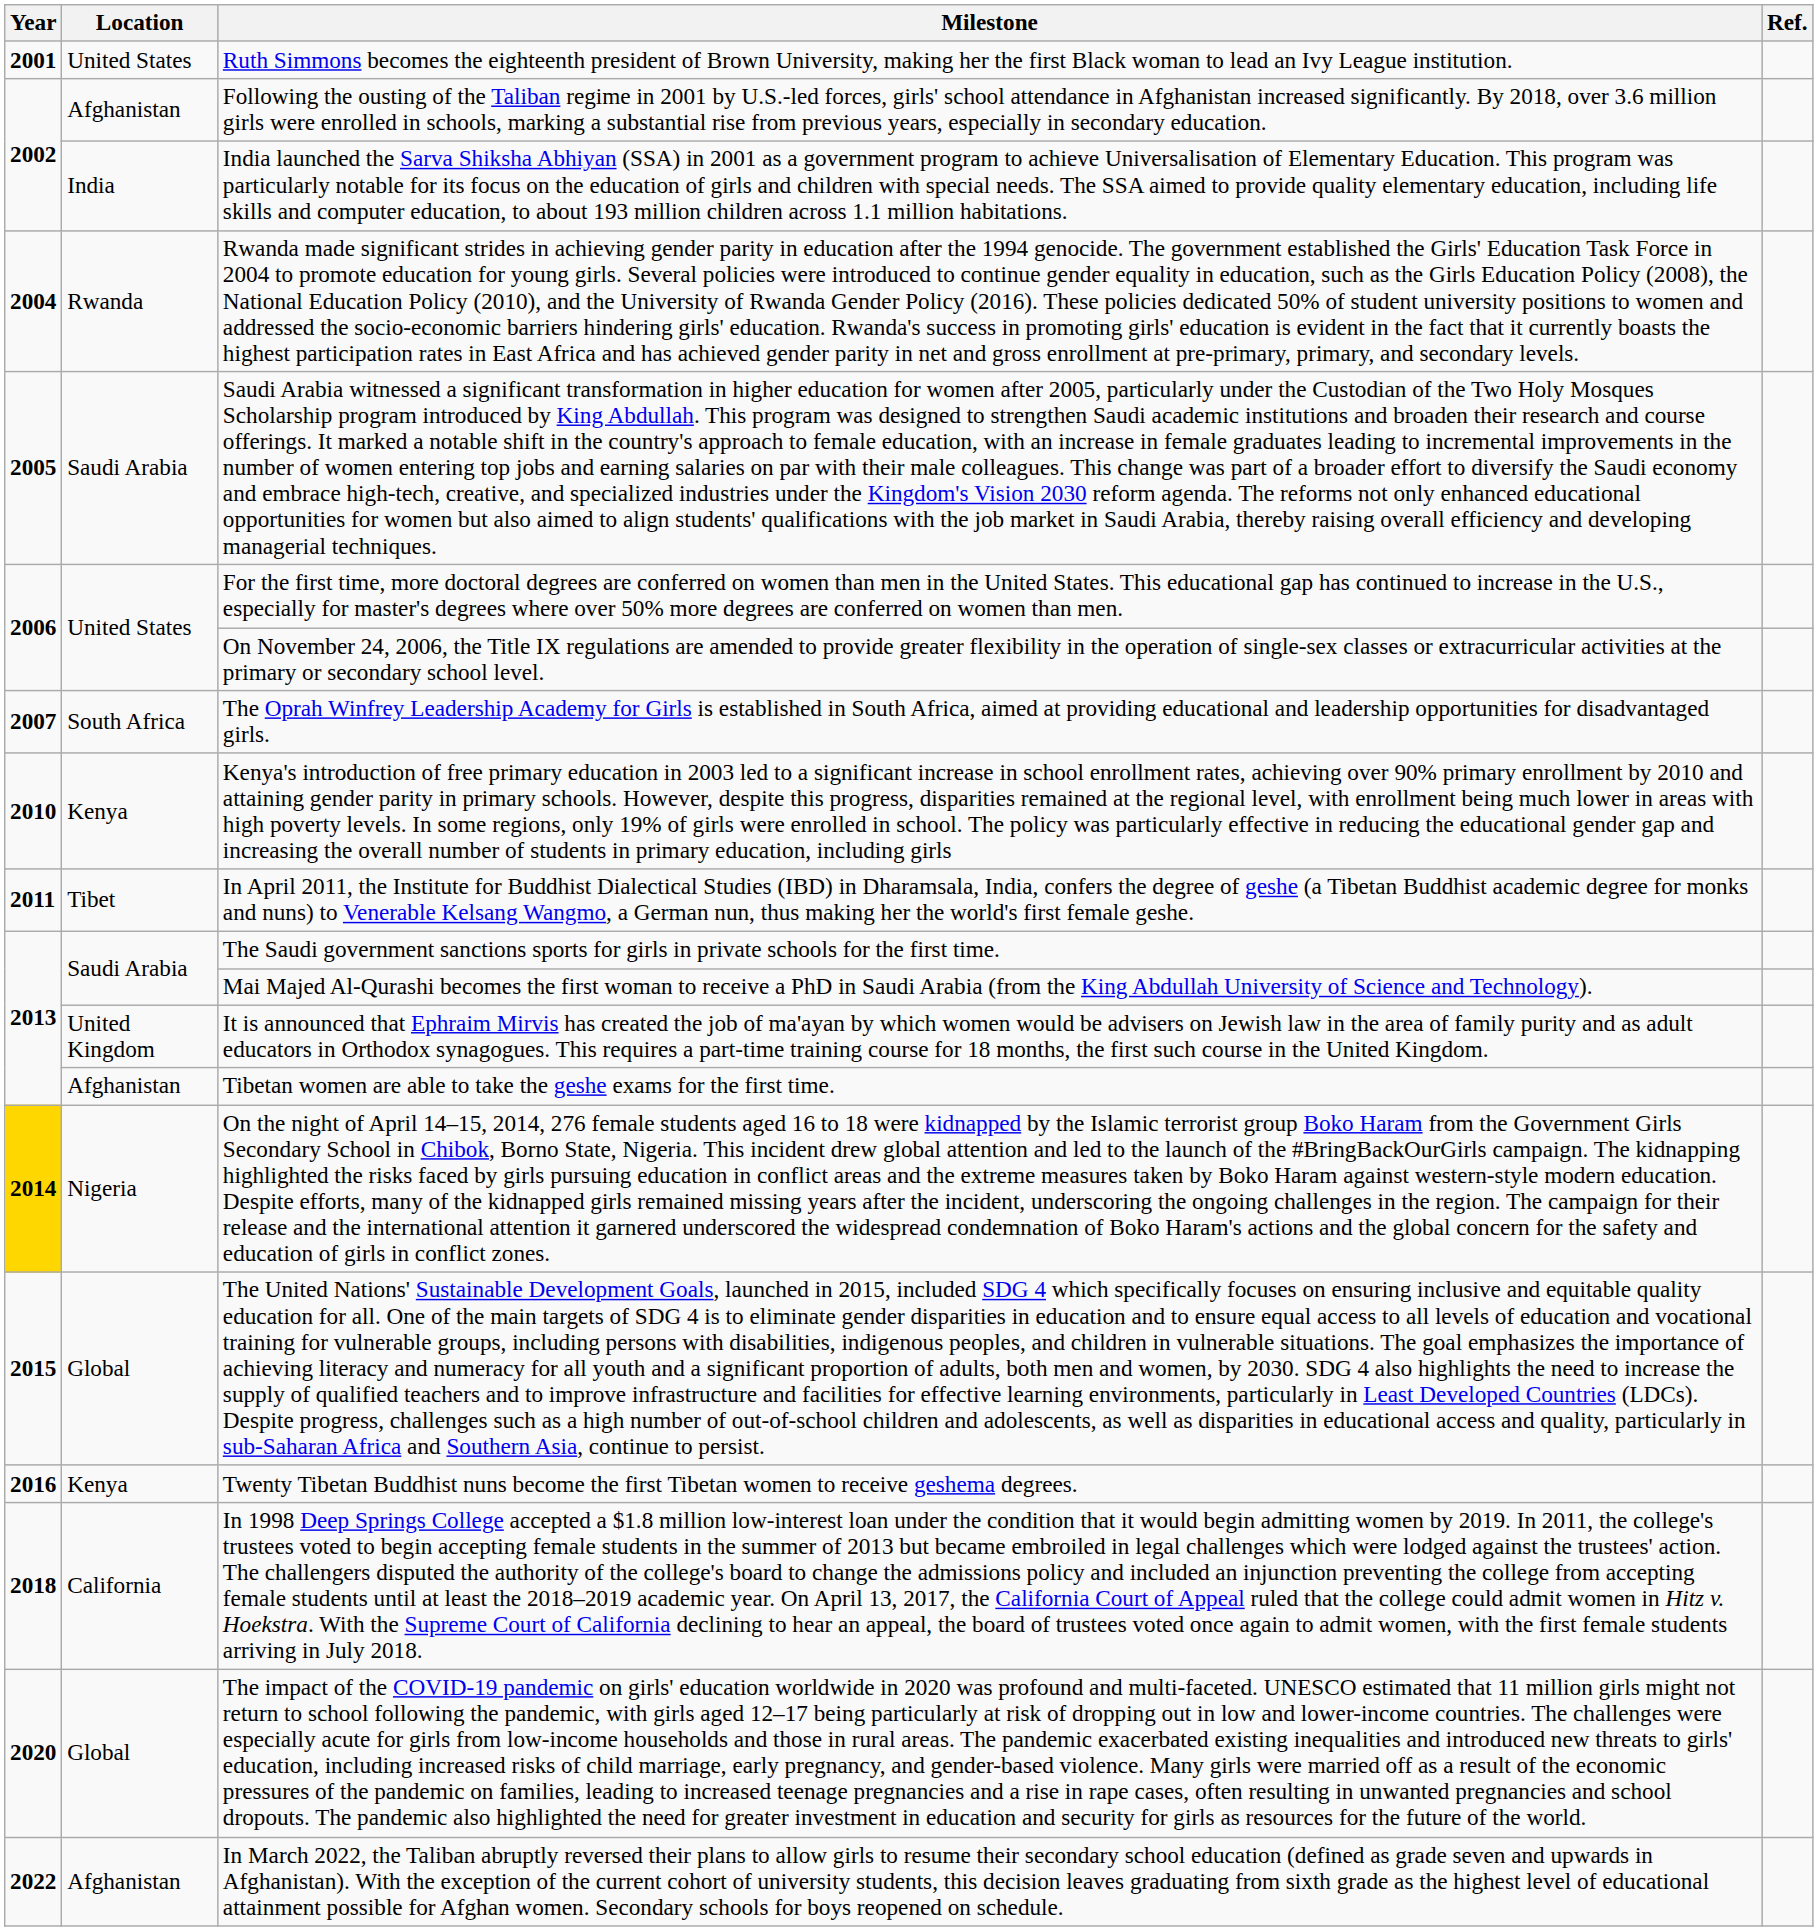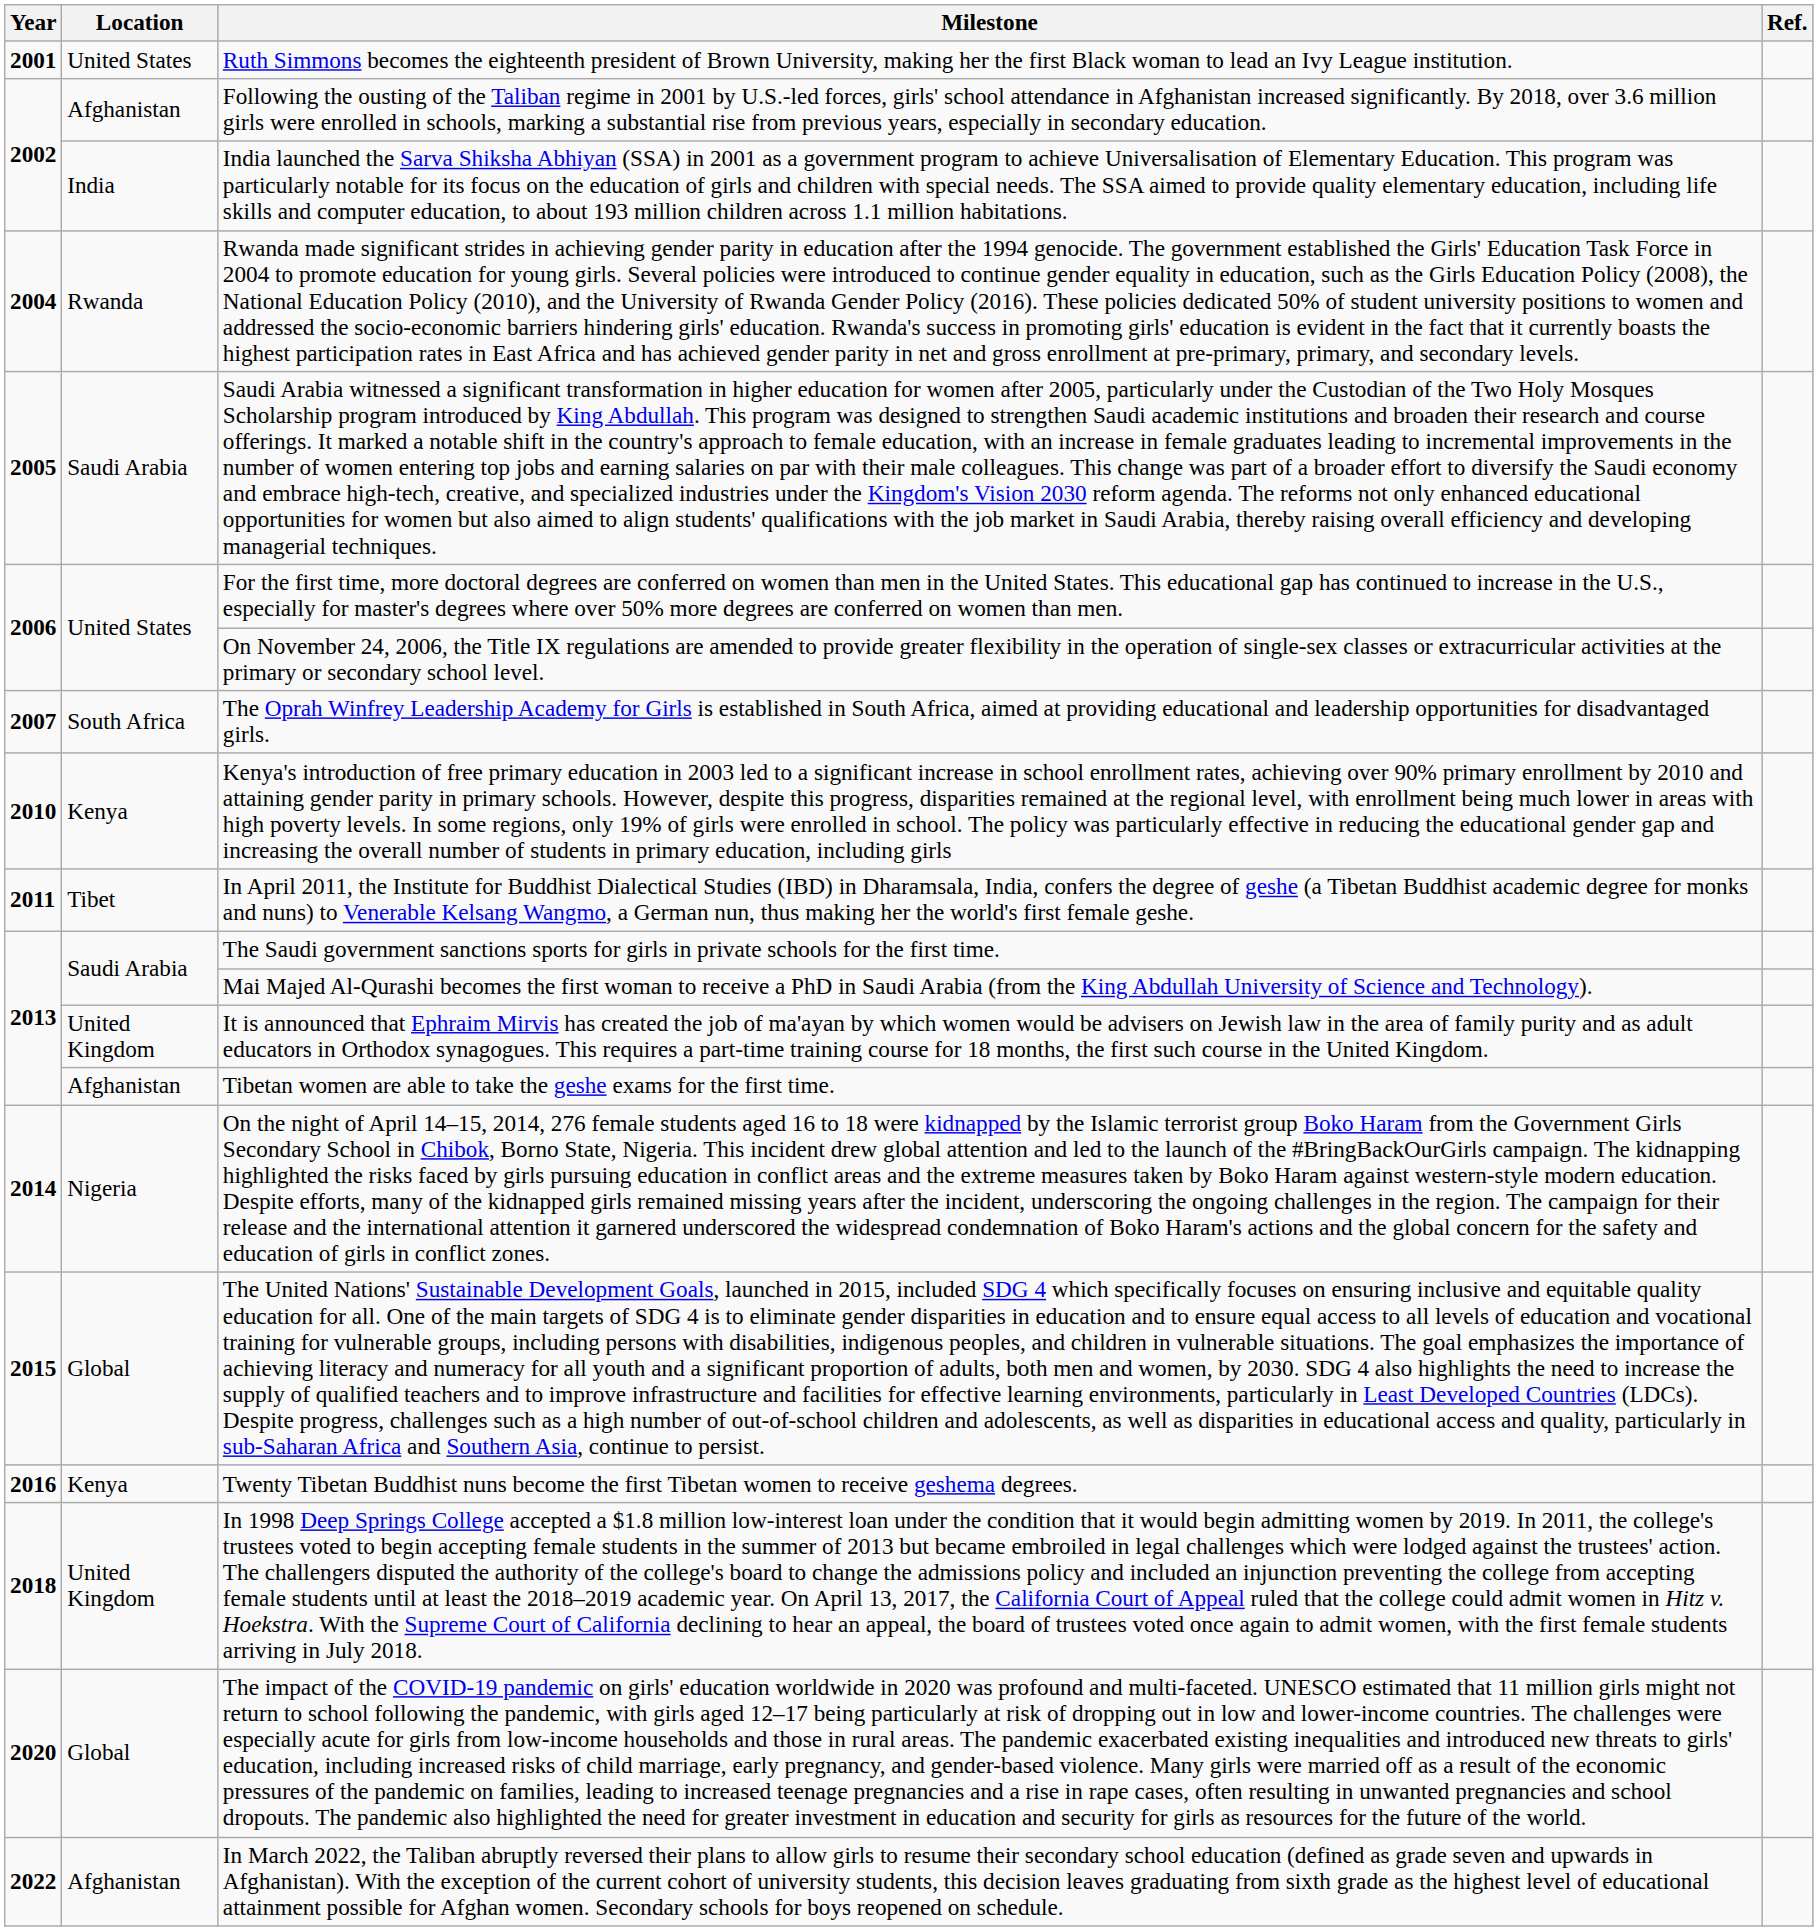 <table class="wikitable sortable">
 <tr>
 <th>Year</th>
 <th width=100>Location</th>
 <th class=unsortable>Milestone</th>
 <th class=unsortable>Ref.</th>
 </tr>
 <tr>
 <td><strong>2001</strong></td>
 <td>United States</td>
 <td><a href='#'>Ruth Simmons</a> becomes the eighteenth president of Brown University, making her the first Black woman to lead an Ivy League institution.</td>
 <td></td>
 </tr>
 <tr>
 <td rowspan="2"><strong>2002</strong></td>
 <td>Afghanistan</td>
 <td>Following the ousting of the <a href='#'>Taliban</a> regime in 2001 by U.S.-led forces, girls' school attendance in Afghanistan increased significantly. By 2018, over 3.6 million girls were enrolled in schools, marking a substantial rise from previous years, especially in secondary education.</td>
 <td></td>
 </tr>
 <tr>
 <td>India</td>
 <td>India launched the <a href='#'>Sarva Shiksha Abhiyan</a> (SSA) in 2001 as a government program to achieve Universalisation of Elementary Education. This program was particularly notable for its focus on the education of girls and children with special needs. The SSA aimed to provide quality elementary education, including life skills and computer education, to about 193 million children across 1.1 million habitations.</td>
 <td></td>
 </tr>
 <tr>
 <td><strong>2004</strong></td>
 <td>Rwanda</td>
 <td>Rwanda made significant strides in achieving gender parity in education after the 1994 genocide. The government established the Girls' Education Task Force in 2004 to promote education for young girls. Several policies were introduced to continue gender equality in education, such as the Girls Education Policy (2008), the National Education Policy (2010), and the University of Rwanda Gender Policy (2016). These policies dedicated 50% of student university positions to women and addressed the socio-economic barriers hindering girls' education. Rwanda's success in promoting girls' education is evident in the fact that it currently boasts the highest participation rates in East Africa and has achieved gender parity in net and gross enrollment at pre-primary, primary, and secondary levels.</td>
 <td></td>
 </tr>
 <tr>
 <td><strong>2005</strong></td>
 <td>Saudi Arabia</td>
 <td>Saudi Arabia witnessed a significant transformation in higher education for women after 2005, particularly under the Custodian of the Two Holy Mosques Scholarship program introduced by <a href='#'>King Abdullah</a>. This program was designed to strengthen Saudi academic institutions and broaden their research and course offerings. It marked a notable shift in the country's approach to female education, with an increase in female graduates leading to incremental improvements in the number of women entering top jobs and earning salaries on par with their male colleagues. This change was part of a broader effort to diversify the Saudi economy and embrace high-tech, creative, and specialized industries under the <a href='#'>Kingdom's Vision 2030</a> reform agenda. The reforms not only enhanced educational opportunities for women but also aimed to align students' qualifications with the job market in Saudi Arabia, thereby raising overall efficiency and developing managerial techniques.</td>
 <td></td>
 </tr>
 <tr>
 <td rowspan="2"><strong>2006</strong></td>
 <td rowspan="2">United States</td>
 <td>For the first time, more doctoral degrees are conferred on women than men in the United States. This educational gap has continued to increase in the U.S., especially for master's degrees where over 50% more degrees are conferred on women than men.</td>
 <td></td>
 </tr>
 <tr>
 <td>On November 24, 2006, the Title IX regulations are amended to provide greater flexibility in the operation of single-sex classes or extracurricular activities at the primary or secondary school level.</td>
 <td></td>
 </tr>
 <tr>
 <td><strong>2007</strong></td>
 <td>South Africa</td>
 <td>The <a href='#'>Oprah Winfrey Leadership Academy for Girls</a> is established in South Africa, aimed at providing educational and leadership opportunities for disadvantaged girls.</td>
 <td></td>
 </tr>
 <tr>
 <td><strong>2010</strong></td>
 <td>Kenya</td>
 <td>Kenya's introduction of free primary education in 2003 led to a significant increase in school enrollment rates, achieving over 90% primary enrollment by 2010 and attaining gender parity in primary schools. However, despite this progress, disparities remained at the regional level, with enrollment being much lower in areas with high poverty levels. In some regions, only 19% of girls were enrolled in school. The policy was particularly effective in reducing the educational gender gap and increasing the overall number of students in primary education, including girls</td>
 <td></td>
 </tr>
 <tr>
 <td><strong>2011</strong></td>
 <td>Tibet</td>
 <td>In April 2011, the Institute for Buddhist Dialectical Studies (IBD) in Dharamsala, India, confers the degree of <a href='#'>geshe</a> (a Tibetan Buddhist academic degree for monks and nuns) to <a href='#'>Venerable Kelsang Wangmo</a>, a German nun, thus making her the world's first female geshe.</td>
 <td></td>
 </tr>
 <tr>
 <td rowspan="4"><strong>2013</strong></td>
 <td rowspan="2">Saudi Arabia</td>
 <td>The Saudi government sanctions sports for girls in private schools for the first time.</td>
 <td></td>
 </tr>
 <tr>
 <td>Mai Majed Al-Qurashi becomes the first woman to receive a PhD in Saudi Arabia (from the <a href='#'>King Abdullah University of Science and Technology</a>).</td>
 <td></td>
 </tr>
 <tr>
 <td>United Kingdom</td>
 <td>It is announced that <a href='#'>Ephraim Mirvis</a> has created the job of ma'ayan by which women would be advisers on Jewish law in the area of family purity and as adult educators in Orthodox synagogues. This requires a part-time training course for 18 months, the first such course in the United Kingdom.</td>
 <td></td>
 </tr>
 <tr>
 <td>Afghanistan</td>
 <td>Tibetan women are able to take the <a href='#'>geshe</a> exams for the first time.</td>
 <td></td>
 </tr>
 <tr>
-<td style="background: gold;"><strong>2014</strong></td>
+<td><strong>2014</strong></td>
 <td>Nigeria</td>
 <td>On the night of April 14–15, 2014, 276 female students aged 16 to 18 were <a href='#'>kidnapped</a> by the Islamic terrorist group <a href='#'>Boko Haram</a> from the Government Girls Secondary School in <a href='#'>Chibok</a>, Borno State, Nigeria. This incident drew global attention and led to the launch of the #BringBackOurGirls campaign. The kidnapping highlighted the risks faced by girls pursuing education in conflict areas and the extreme measures taken by Boko Haram against western-style modern education. Despite efforts, many of the kidnapped girls remained missing years after the incident, underscoring the ongoing challenges in the region. The campaign for their release and the international attention it garnered underscored the widespread condemnation of Boko Haram's actions and the global concern for the safety and education of girls in conflict zones.</td>
 <td></td>
 </tr>
 <tr>
 <td><strong>2015</strong></td>
 <td>Global</td>
 <td>The United Nations' <a href='#'>Sustainable Development Goals</a>, launched in 2015, included <a href='#'>SDG 4</a> which specifically focuses on ensuring inclusive and equitable quality education for all. One of the main targets of SDG 4 is to eliminate gender disparities in education and to ensure equal access to all levels of education and vocational training for vulnerable groups, including persons with disabilities, indigenous peoples, and children in vulnerable situations. The goal emphasizes the importance of achieving literacy and numeracy for all youth and a significant proportion of adults, both men and women, by 2030. SDG 4 also highlights the need to increase the supply of qualified teachers and to improve infrastructure and facilities for effective learning environments, particularly in <a href='#'>Least Developed Countries</a> (LDCs). Despite progress, challenges such as a high number of out-of-school children and adolescents, as well as disparities in educational access and quality, particularly in <a href='#'>sub-Saharan Africa</a> and <a href='#'>Southern Asia</a>, continue to persist.</td>
 <td></td>
 </tr>
 <tr>
 <td><strong>2016</strong></td>
 <td>Kenya</td>
 <td>Twenty Tibetan Buddhist nuns become the first Tibetan women to receive <a href='#'>geshema</a> degrees.</td>
 <td></td>
 </tr>
 <tr>
 <td><strong>2018</strong></td>
-<td>California</td>
+<td>United Kingdom</td>
 <td>In 1998 <a href='#'>Deep Springs College</a> accepted a $1.8 million low-interest loan under the condition that it would begin admitting women by 2019. In 2011, the college's trustees voted to begin accepting female students in the summer of 2013 but became embroiled in legal challenges which were lodged against the trustees' action. The challengers disputed the authority of the college's board to change the admissions policy and included an injunction preventing the college from accepting female students until at least the 2018–2019 academic year. On April 13, 2017, the <a href='#'>California Court of Appeal</a> ruled that the college could admit women in <em>Hitz v. Hoekstra</em>. With the <a href='#'>Supreme Court of California</a> declining to hear an appeal, the board of trustees voted once again to admit women, with the first female students arriving in July 2018.</td>
 </tr>
 <tr>
 <td><strong>2020</strong></td>
 <td>Global</td>
 <td>The impact of the <a href='#'>COVID-19 pandemic</a> on girls' education worldwide in 2020 was profound and multi-faceted. UNESCO estimated that 11 million girls might not return to school following the pandemic, with girls aged 12–17 being particularly at risk of dropping out in low and lower-income countries. The challenges were especially acute for girls from low-income households and those in rural areas. The pandemic exacerbated existing inequalities and introduced new threats to girls' education, including increased risks of child marriage, early pregnancy, and gender-based violence. Many girls were married off as a result of the economic pressures of the pandemic on families, leading to increased teenage pregnancies and a rise in rape cases, often resulting in unwanted pregnancies and school dropouts. The pandemic also highlighted the need for greater investment in education and security for girls as resources for the future of the world.</td>
 <td></td>
 </tr>
 <tr>
 <td><strong>2022</strong></td>
 <td>Afghanistan</td>
 <td>In March 2022, the Taliban abruptly reversed their plans to allow girls to resume their secondary school education (defined as grade seven and upwards in Afghanistan). With the exception of the current cohort of university students, this decision leaves graduating from sixth grade as the highest level of educational attainment possible for Afghan women. Secondary schools for boys reopened on schedule.</td>
 <td></td>
 </tr>
 </table>
